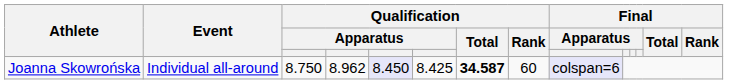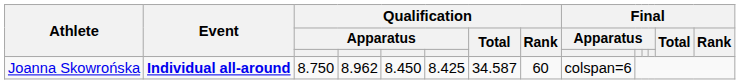 <table class="wikitable" style="font-size:90%">
 <tr>
 <th rowspan=3>Athlete</th>
 <th rowspan=3>Event</th>
 <th colspan =6>Qualification</th>
 <th colspan =6>Final</th>
 </tr>
 <tr style="font-size:95%">
 <th colspan=4>Apparatus</th>
 <th rowspan=2>Total</th>
 <th rowspan=2>Rank</th>
 <th colspan=4>Apparatus</th>
 <th rowspan=2>Total</th>
 <th rowspan=2>Rank</th>
 </tr>
 <tr style="font-size:95%">
 <th></th>
 <th></th>
 <th></th>
 <th></th>
 <th></th>
 <th></th>
 <th></th>
 <th></th>
 </tr>
 <tr align=center>
 <td align=left><a href='#'>Joanna Skowrońska</a></td>
-<td align=left><a href='#'>Individual all-around</a></td>
+<td align=left><strong><a href='#'>Individual all-around</a></strong></td>
 <td>8.750</td>
 <td>8.962</td>
-<td style="background: lavender;">8.450</td>
+<td>8.450</td>
 <td>8.425</td>
-<td><strong>34.587</strong></td>
+<td>34.587</td>
 <td>60</td>
-<td style="background: lavender;">colspan=6 </td>
+<td>colspan=6 </td>
 </tr>
 </table>
